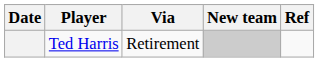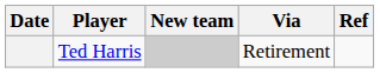 <table class="wikitable plainrowheaders">
 <tr style="background:#ddd; text-align:center;">
 <th>Date</th>
 <th>Player</th>
+<th>New team</th>
 <th>Via</th>
-<th>New team</th>
 <th>Ref</th>
 </tr>
 <tr>
 <th scope="row"></th>
 <td><a href='#'>Ted Harris</a></td>
+<td style="background:#ccc"></td>
 <td>Retirement</td>
-<td style="background:#ccc"></td>
 <td></td>
 </tr>
 </table>
